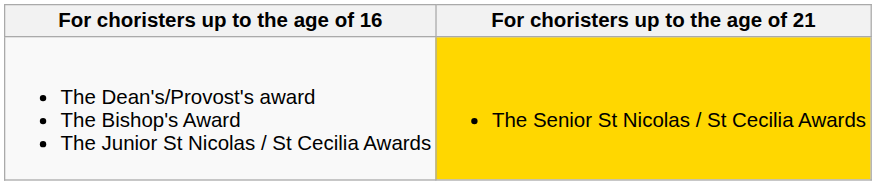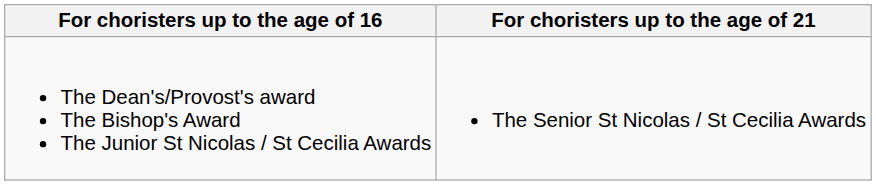 <table class="wikitable">
 <tr>
 <th>For choristers up to the age of 16</th>
 <th>For choristers up to the age of 21</th>
 </tr>
 <tr>
 <td><br><ul><li>The Dean's/Provost's award</li><li>The Bishop's Award</li><li>The Junior St Nicolas / St Cecilia Awards</li></ul></td>
-<td style="background: gold;"><br><ul><li>The Senior St Nicolas / St Cecilia Awards</li></ul></td>
+<td><br><ul><li>The Senior St Nicolas / St Cecilia Awards</li></ul></td>
 </tr>
 </table>
